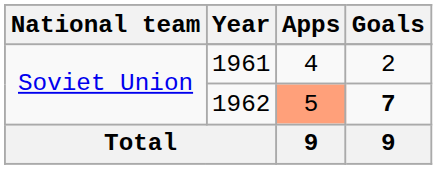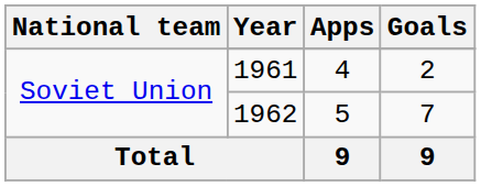 <table class="wikitable" style="text-align:center">
 <tr>
 <th>National team</th>
 <th>Year</th>
 <th>Apps</th>
 <th>Goals</th>
 </tr>
 <tr>
 <td rowspan=3 valign="center"><a href='#'>Soviet Union</a></td>
 </tr>
 <tr>
 <td>1961</td>
 <td>4</td>
 <td>2</td>
 </tr>
 <tr>
 <td>1962</td>
-<td style="background: lightsalmon;">5</td>
-<td><strong>7</strong></td>
+<td>5</td>
+<td>7</td>
 </tr>
 <tr>
 <th colspan=2>Total</th>
 <th>9</th>
 <th>9</th>
 </tr>
 </table>
